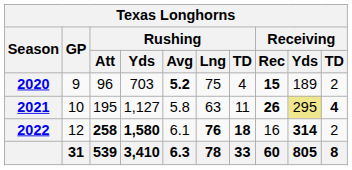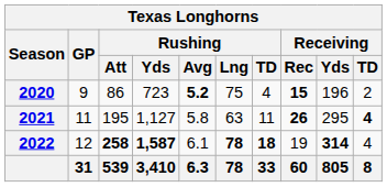 <table class="wikitable" style="text-align:center;">
 <tr>
 <th colspan="16">Texas Longhorns</th>
 </tr>
 <tr>
 <th rowspan="2">Season</th>
 <th rowspan="2">GP</th>
 <th colspan="5">Rushing</th>
 <th colspan="3">Receiving</th>
 </tr>
 <tr>
 <th>Att</th>
 <th>Yds</th>
 <th>Avg</th>
 <th>Lng</th>
 <th>TD</th>
 <th>Rec</th>
 <th>Yds</th>
 <th>TD</th>
 </tr>
 <tr>
 <th><a href='#'>2020</a></th>
 <td>9</td>
-<td>96</td>
-<td>703</td>
+<td>86</td>
+<td>723</td>
 <td><strong>5.2</strong></td>
 <td>75</td>
 <td>4</td>
 <td><strong>15</strong></td>
-<td>189</td>
+<td>196</td>
 <td>2</td>
 </tr>
 <tr>
 <th><a href='#'>2021</a></th>
-<td>10</td>
+<td>11</td>
 <td>195</td>
 <td>1,127</td>
 <td>5.8</td>
 <td>63</td>
 <td>11</td>
 <td><strong>26</strong></td>
-<td style="background: khaki;">295</td>
+<td>295</td>
 <td><strong>4</strong></td>
 </tr>
 <tr>
 <th><a href='#'>2022</a></th>
 <td>12</td>
 <td><strong>258</strong></td>
-<td><strong>1,580</strong></td>
+<td><strong>1,587</strong></td>
 <td>6.1</td>
-<td><strong>76</strong></td>
+<td><strong>78</strong></td>
 <td><strong>18</strong></td>
-<td>16</td>
+<td>19</td>
 <td><strong>314</strong></td>
-<td>2</td>
+<td>4</td>
 </tr>
 <tr>
 <th></th>
 <th>31</th>
 <th>539</th>
 <th>3,410</th>
 <th>6.3</th>
 <th>78</th>
 <th>33</th>
 <th>60</th>
 <th>805</th>
 <th>8</th>
 </tr>
 </table>
